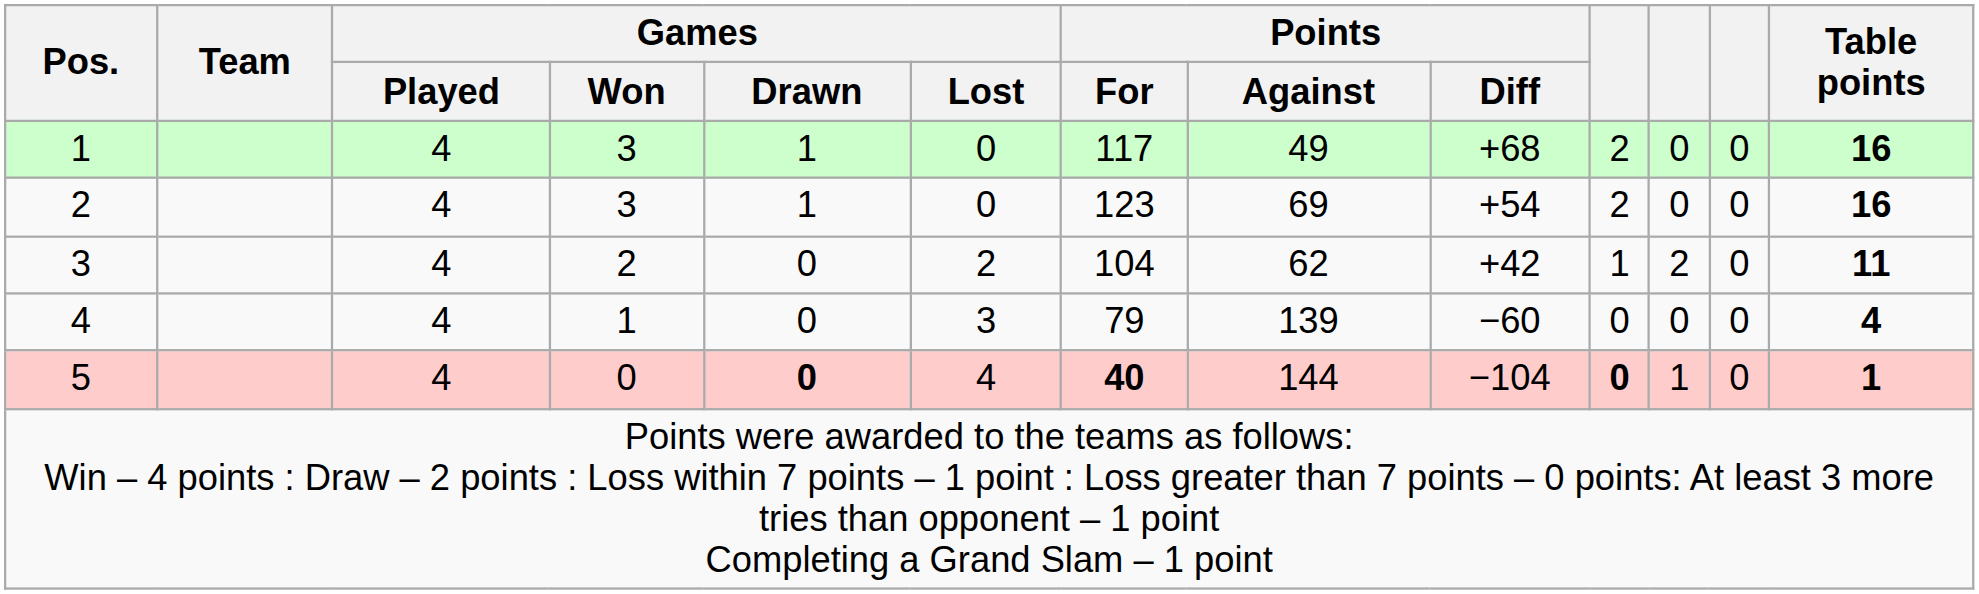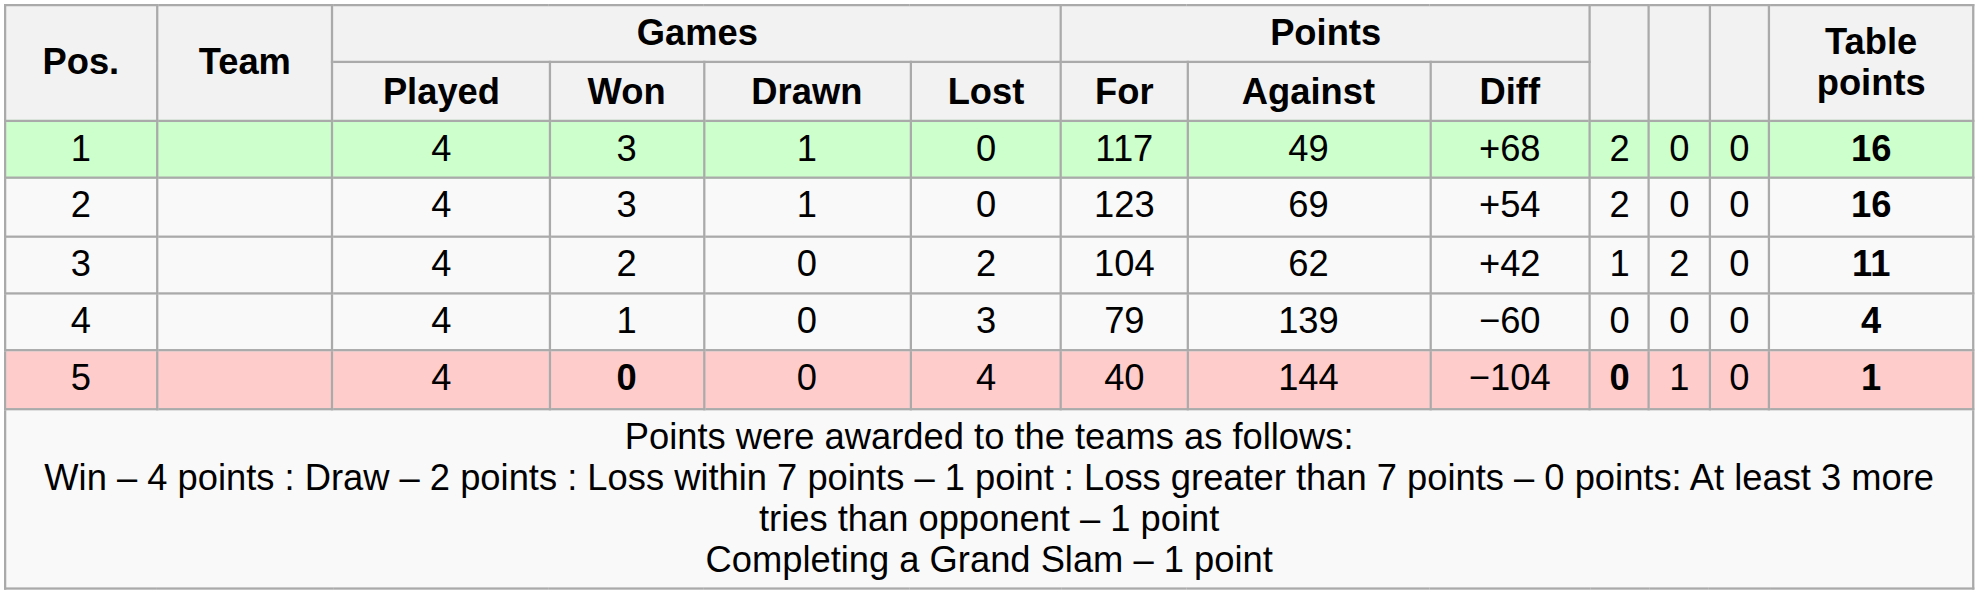 <table class="wikitable" style="text-align:center">
 <tr>
 <th rowspan="2">Pos.</th>
 <th rowspan="2">Team</th>
 <th colspan="4">Games</th>
 <th colspan="3">Points</th>
 <th rowspan="2"></th>
 <th rowspan="2"></th>
 <th rowspan="2"></th>
 <th rowspan="2">Table<br>points</th>
 </tr>
 <tr>
 <th>Played</th>
 <th>Won</th>
 <th>Drawn</th>
 <th>Lost</th>
 <th>For</th>
 <th>Against</th>
 <th>Diff</th>
 </tr>
 <tr style="background:#cfc">
 <td>1</td>
 <td align=left></td>
 <td>4</td>
 <td>3</td>
 <td>1</td>
 <td>0</td>
 <td>117</td>
 <td>49</td>
 <td>+68</td>
 <td>2</td>
 <td>0</td>
 <td>0</td>
 <td><strong>16</strong></td>
 </tr>
 <tr>
 <td>2</td>
 <td align=left></td>
 <td>4</td>
 <td>3</td>
 <td>1</td>
 <td>0</td>
 <td>123</td>
 <td>69</td>
 <td>+54</td>
 <td>2</td>
 <td>0</td>
 <td>0</td>
 <td><strong>16</strong></td>
 </tr>
 <tr>
 <td>3</td>
 <td align=left></td>
 <td>4</td>
 <td>2</td>
 <td>0</td>
 <td>2</td>
 <td>104</td>
 <td>62</td>
 <td>+42</td>
 <td>1</td>
 <td>2</td>
 <td>0</td>
 <td><strong>11</strong></td>
 </tr>
 <tr>
 <td>4</td>
 <td align=left></td>
 <td>4</td>
 <td>1</td>
 <td>0</td>
 <td>3</td>
 <td>79</td>
 <td>139</td>
 <td>−60</td>
 <td>0</td>
 <td>0</td>
 <td>0</td>
 <td><strong>4</strong></td>
 </tr>
 <tr style="background:#fcc">
 <td>5</td>
 <td align=left></td>
 <td>4</td>
+<td><strong>0</strong></td>
 <td>0</td>
-<td><strong>0</strong></td>
 <td>4</td>
-<td><strong>40</strong></td>
+<td>40</td>
 <td>144</td>
 <td>−104</td>
 <td><strong>0</strong></td>
 <td>1</td>
 <td>0</td>
 <td><strong>1</strong></td>
 </tr>
 <tr>
 <td colspan="13">Points were awarded to the teams as follows:<br>Win – 4 points : Draw – 2 points : Loss within 7 points – 1 point : Loss greater than 7 points – 0 points: At least 3 more tries than opponent – 1 point<br>Completing a Grand Slam – 1 point</td>
 </tr>
 </table>
